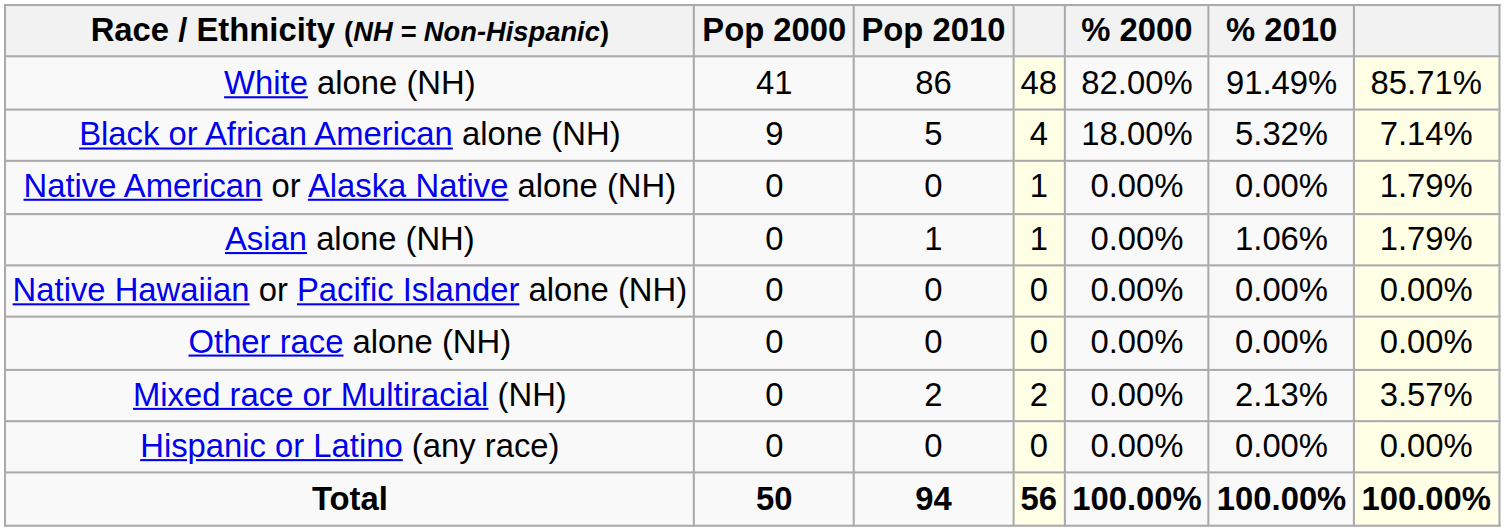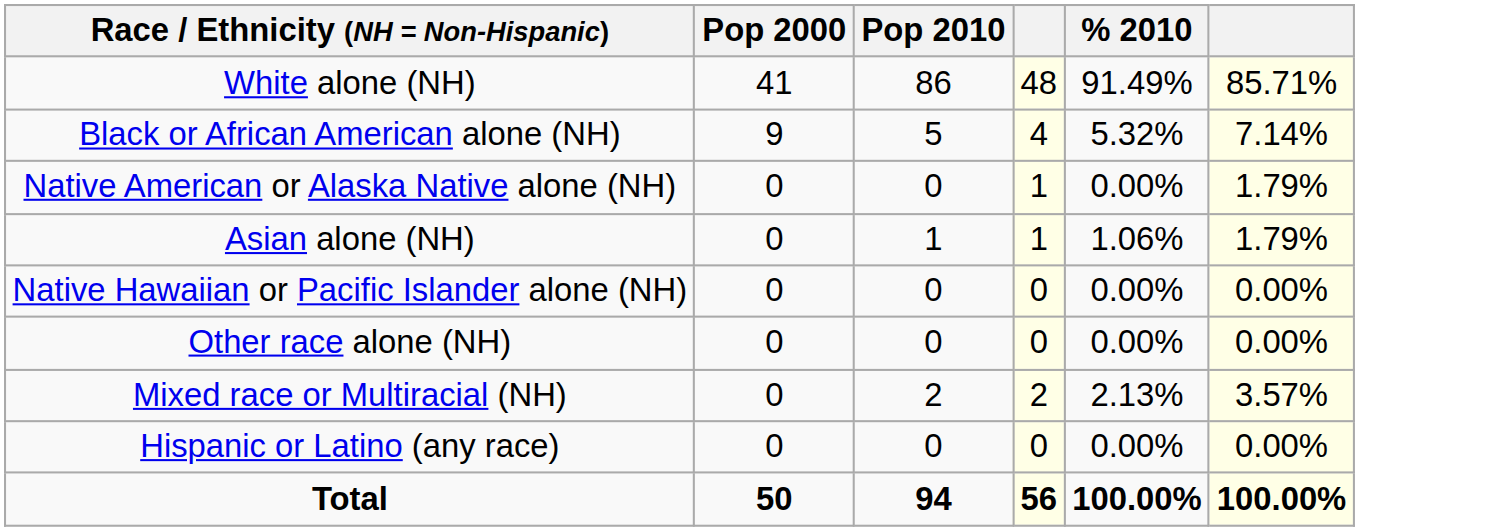 <table class="wikitable" style="text-align:center;">
 <tr>
 <th>Race / Ethnicity <small>(<em>NH = Non-Hispanic</em>)</small></th>
 <th>Pop 2000</th>
 <th>Pop 2010</th>
 <th></th>
-<th>% 2000</th>
 <th>% 2010</th>
 <th></th>
 </tr>
 <tr>
 <td><a href='#'>White</a> alone (NH)</td>
 <td>41</td>
 <td>86</td>
 <td style='background: #ffffe6;'>48</td>
-<td>82.00%</td>
 <td>91.49%</td>
 <td style='background: #ffffe6;'>85.71%</td>
 </tr>
 <tr>
 <td><a href='#'>Black or African American</a> alone (NH)</td>
 <td>9</td>
 <td>5</td>
 <td style='background: #ffffe6;'>4</td>
-<td>18.00%</td>
 <td>5.32%</td>
 <td style='background: #ffffe6;'>7.14%</td>
 </tr>
 <tr>
 <td><a href='#'>Native American</a> or <a href='#'>Alaska Native</a> alone (NH)</td>
 <td>0</td>
 <td>0</td>
 <td style='background: #ffffe6;'>1</td>
 <td>0.00%</td>
-<td>0.00%</td>
 <td style='background: #ffffe6;'>1.79%</td>
 </tr>
 <tr>
 <td><a href='#'>Asian</a> alone (NH)</td>
 <td>0</td>
 <td>1</td>
 <td style='background: #ffffe6;'>1</td>
-<td>0.00%</td>
 <td>1.06%</td>
 <td style='background: #ffffe6;'>1.79%</td>
 </tr>
 <tr>
 <td><a href='#'>Native Hawaiian</a> or <a href='#'>Pacific Islander</a>  alone (NH)</td>
 <td>0</td>
 <td>0</td>
 <td style='background: #ffffe6;'>0</td>
 <td>0.00%</td>
-<td>0.00%</td>
 <td style='background: #ffffe6;'>0.00%</td>
 </tr>
 <tr>
 <td><a href='#'>Other race</a> alone (NH)</td>
 <td>0</td>
 <td>0</td>
 <td style='background: #ffffe6;'>0</td>
 <td>0.00%</td>
-<td>0.00%</td>
 <td style='background: #ffffe6;'>0.00%</td>
 </tr>
 <tr>
 <td><a href='#'>Mixed race or Multiracial</a> (NH)</td>
 <td>0</td>
 <td>2</td>
 <td style='background: #ffffe6;'>2</td>
-<td>0.00%</td>
 <td>2.13%</td>
 <td style='background: #ffffe6;'>3.57%</td>
 </tr>
 <tr>
 <td><a href='#'>Hispanic or Latino</a> (any race)</td>
 <td>0</td>
 <td>0</td>
 <td style='background: #ffffe6;'>0</td>
 <td>0.00%</td>
-<td>0.00%</td>
 <td style='background: #ffffe6;'>0.00%</td>
 </tr>
 <tr>
 <td><strong>Total</strong></td>
 <td><strong>50</strong></td>
 <td><strong>94</strong></td>
 <td style='background: #ffffe6;'><strong>56</strong></td>
 <td><strong>100.00%</strong></td>
-<td><strong>100.00%</strong></td>
 <td style='background: #ffffe6;'><strong>100.00%</strong></td>
 </tr>
 </table>
